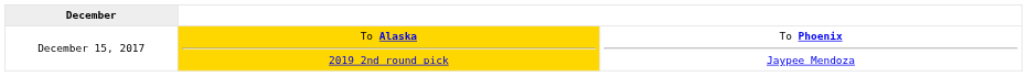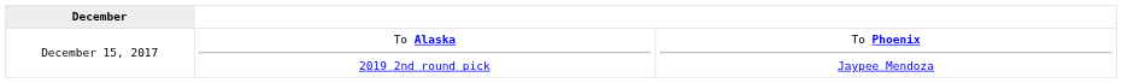 <table border=1 style="border-collapse:collapse; text-align: center; width: 100%" bordercolor="#DFDFDF"  cellpadding="5">
 <tr bgcolor="eeeeee">
 <th>December</th>
 </tr>
 <tr>
 <td style="width:12%">December 15, 2017</td>
-<td style="background: gold; width:29.3%" valign="top">To <strong><a href='#'>Alaska</a></strong><hr><a href='#'>2019 2nd round pick</a></td>
+<td style="width:29.3%" valign="top">To <strong><a href='#'>Alaska</a></strong><hr><a href='#'>2019 2nd round pick</a></td>
 <td style="width:29.3%" valign="top">To <strong><a href='#'>Phoenix</a></strong><hr><a href='#'>Jaypee Mendoza</a></td>
 </tr>
 </table>
